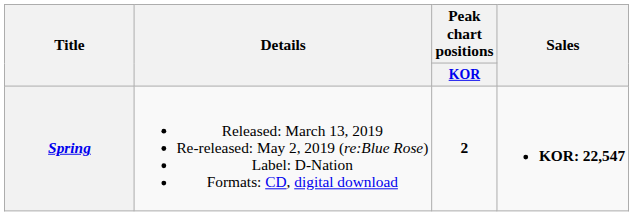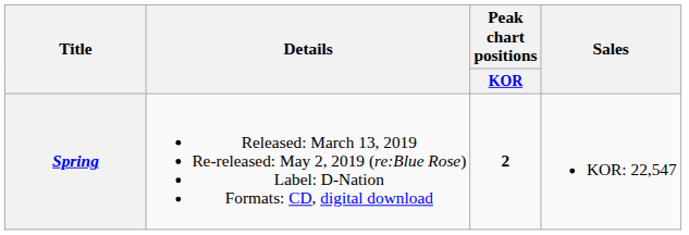 <table class="wikitable plainrowheaders" style="text-align:center">
 <tr>
 <th scope="col" rowspan="2" style="width:8em">Title</th>
 <th rowspan="2">Details</th>
 <th scope="col" colspan="1">Peak chart positions</th>
 <th scope="col" rowspan="2">Sales</th>
 </tr>
 <tr>
 <th scope="col" style="width:3em;font-size:90%"><a href='#'>KOR</a><br></th>
 </tr>
 <tr>
 <th scope="row"><em><a href='#'>Spring</a></em></th>
 <td><br><ul><li>Released: March 13, 2019</li><li>Re-released: May 2, 2019 (<em>re:Blue Rose</em>)</li><li>Label: D-Nation</li><li>Formats: <a href='#'>CD</a>, <a href='#'>digital download</a></li></ul></td>
 <td><strong>2</strong></td>
-<td><strong><br><ul><li>KOR: 22,547</li></ul></strong></td>
+<td><br><ul><li>KOR: 22,547</li></ul></td>
 </tr>
 </table>
